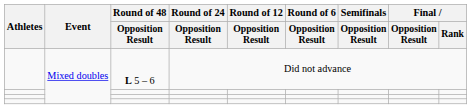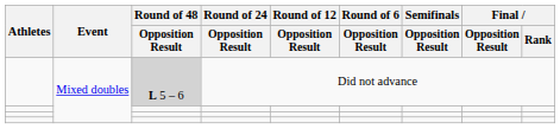 <table class="wikitable" style="font-size:90%; text-align:center;">
 <tr>
 <th rowspan=2>Athletes</th>
 <th rowspan=2>Event</th>
 <th>Round of 48</th>
 <th>Round of 24</th>
 <th>Round of 12</th>
 <th>Round of 6</th>
 <th>Semifinals</th>
 <th colspan=2>Final / </th>
 </tr>
 <tr style="font-size:95%">
 <th>Opposition<br>Result</th>
 <th>Opposition<br>Result</th>
 <th>Opposition<br>Result</th>
 <th>Opposition<br>Result</th>
 <th>Opposition<br>Result</th>
 <th>Opposition<br>Result</th>
 <th>Rank</th>
 </tr>
 <tr>
 <td align=left><br></td>
 <td align=left rowspan=4><a href='#'>Mixed doubles</a></td>
-<td><br><br><strong>L</strong> 5 – 6</td>
+<td style="background: lightgrey;"><br><br><strong>L</strong> 5 – 6</td>
 <td align=center colspan=6>Did not advance</td>
 </tr>
 <tr>
 <td align=left></td>
 <td></td>
 <td></td>
 <td></td>
 <td></td>
 <td></td>
 <td></td>
 <td></td>
 </tr>
 <tr>
 <td align=left></td>
 <td></td>
 <td></td>
 <td></td>
 <td></td>
 <td></td>
 <td></td>
 <td></td>
 </tr>
 <tr>
 <td align=left></td>
 <td></td>
 <td></td>
 <td></td>
 <td></td>
 <td></td>
 <td></td>
 <td></td>
 </tr>
 </table>
